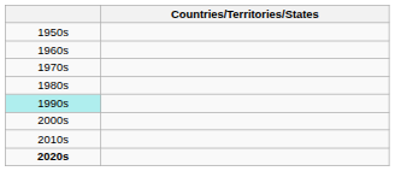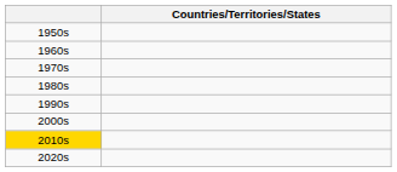 <table class="wikitable sortable" style="font-size: 85%; text-align:center;" |>
 <tr>
 <th style="width:8em;"></th>
 <th style="width:25em;">Countries/Territories/States</th>
 </tr>
 <tr>
 <td>1950s</td>
 <td></td>
 </tr>
 <tr>
 <td>1960s</td>
 <td></td>
 </tr>
 <tr>
 <td>1970s</td>
 <td></td>
 </tr>
 <tr>
 <td>1980s</td>
 <td></td>
 </tr>
 <tr>
-<td style="background: paleturquoise;">1990s</td>
+<td>1990s</td>
 <td></td>
 </tr>
 <tr>
 <td>2000s</td>
 <td></td>
 </tr>
 <tr>
-<td>2010s</td>
+<td style="background: gold;">2010s</td>
 <td></td>
 </tr>
 <tr>
-<td><strong>2020s</strong></td>
+<td>2020s</td>
 <td></td>
 </tr>
 </table>
